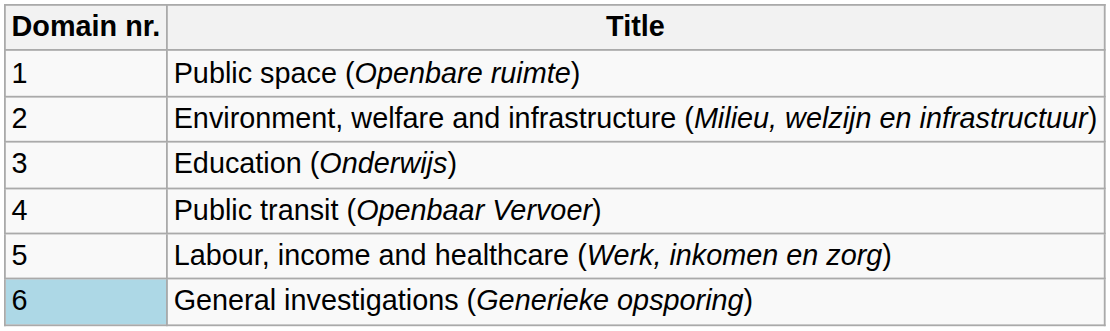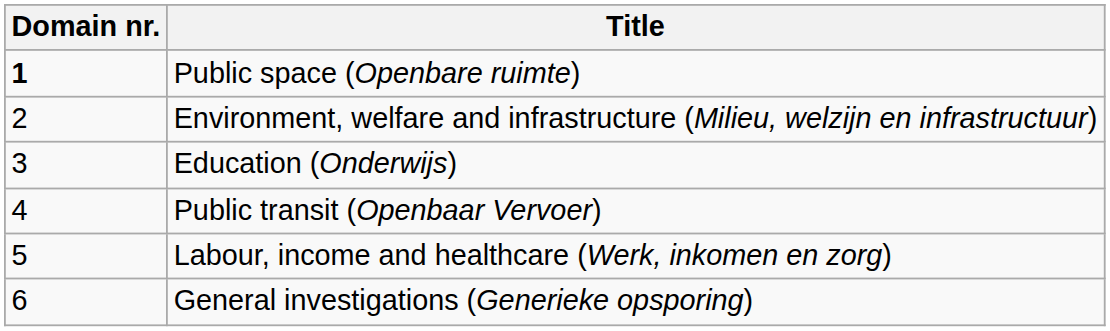 <table class="wikitable">
 <tr>
 <th>Domain nr.</th>
 <th>Title</th>
 </tr>
 <tr>
-<td>1</td>
+<td><strong>1</strong></td>
 <td>Public space (<em>Openbare ruimte</em>)</td>
 </tr>
 <tr>
 <td>2</td>
 <td>Environment, welfare and infrastructure (<em>Milieu, welzijn en infrastructuur</em>)</td>
 </tr>
 <tr>
 <td>3</td>
 <td>Education (<em>Onderwijs</em>)</td>
 </tr>
 <tr>
 <td>4</td>
 <td>Public transit (<em>Openbaar Vervoer</em>)</td>
 </tr>
 <tr>
 <td>5</td>
 <td>Labour, income and healthcare (<em>Werk, inkomen en zorg</em>)</td>
 </tr>
 <tr>
-<td style="background: lightblue;">6</td>
+<td>6</td>
 <td>General investigations (<em>Generieke opsporing</em>)</td>
 </tr>
 </table>
